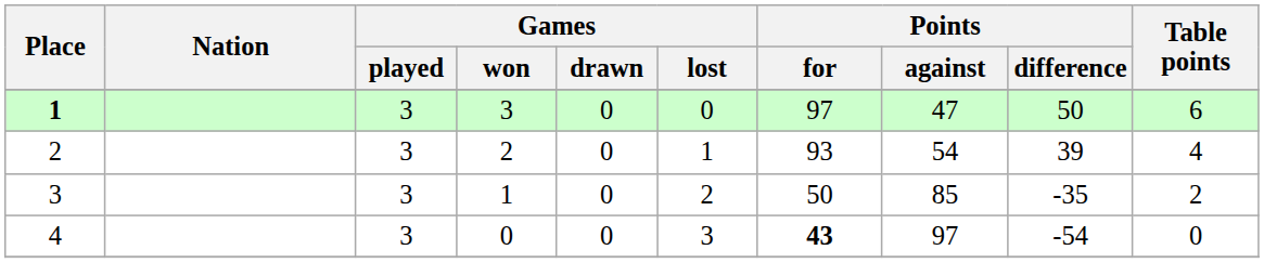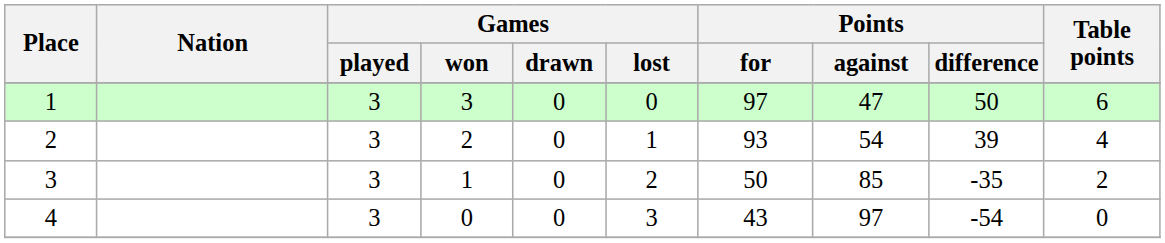 <table class="wikitable">
 <tr>
 <th rowspan=2 width="8%">Place</th>
 <th rowspan=2 width="20%">Nation</th>
 <th colspan=4 width="32%">Games</th>
 <th colspan=3 width="30%">Points</th>
 <th rowspan=2 width="10%">Table<br>points</th>
 </tr>
 <tr>
 <th width="8%">played</th>
 <th width="8%">won</th>
 <th width="8%">drawn</th>
 <th width="8%">lost</th>
 <th width="10%">for</th>
 <th width="10%">against</th>
 <th width="10%">difference</th>
 </tr>
 <tr>
 </tr>
 <tr bgcolor=#ccffcc align=center>
-<td><strong>1</strong></td>
+<td>1</td>
 <td align=left><strong></strong></td>
 <td>3</td>
 <td>3</td>
 <td>0</td>
 <td>0</td>
 <td>97</td>
 <td>47</td>
 <td>50</td>
 <td>6</td>
 </tr>
 <tr bgcolor=#ffffff align=center>
 <td>2</td>
 <td align=left></td>
 <td>3</td>
 <td>2</td>
 <td>0</td>
 <td>1</td>
 <td>93</td>
 <td>54</td>
 <td>39</td>
 <td>4</td>
 </tr>
 <tr bgcolor=#ffffff align=center>
 <td>3</td>
 <td align=left></td>
 <td>3</td>
 <td>1</td>
 <td>0</td>
 <td>2</td>
 <td>50</td>
 <td>85</td>
 <td>-35</td>
 <td>2</td>
 </tr>
 <tr bgcolor=#ffffff align=center>
 <td>4</td>
 <td align=left></td>
 <td>3</td>
 <td>0</td>
 <td>0</td>
 <td>3</td>
-<td><strong>43</strong></td>
+<td>43</td>
 <td>97</td>
 <td>-54</td>
 <td>0</td>
 </tr>
 <tr bgcolor=#ffcccc align=center>
 </tr>
 </table>
